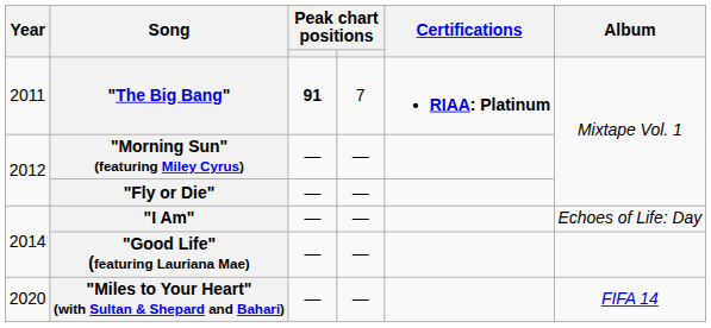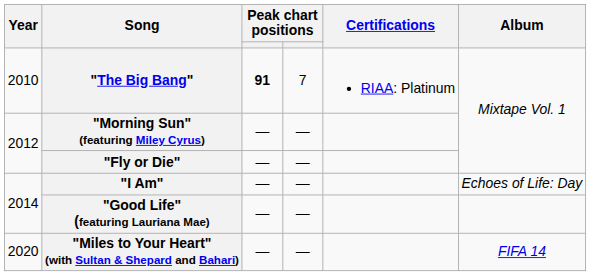 <table class="wikitable plainrowheaders" style=text-align:center;>
 <tr>
 <th rowspan="2">Year</th>
 <th rowspan="2">Song</th>
 <th colspan="2">Peak chart <br>positions</th>
 <th rowspan="2"><a href='#'>Certifications</a></th>
 <th rowspan="2">Album</th>
 </tr>
 <tr style="font-size:smaller;">
 <th style="width:3em;"></th>
 <th style="width:3em;"></th>
 </tr>
 <tr>
-<td>2011</td>
+<td>2010</td>
 <th scope="row">"<a href='#'>The Big Bang</a>"</th>
 <td><strong>91</strong></td>
 <td>7</td>
-<td><strong><br><ul><li><a href='#'>RIAA</a>: Platinum</li></ul></strong></td>
+<td><br><ul><li><a href='#'>RIAA</a>: Platinum</li></ul></td>
 <td rowspan="3"><em>Mixtape Vol. 1</em></td>
 </tr>
 <tr>
 <td rowspan="2">2012</td>
 <th scope="row">"Morning Sun"<br><small>(featuring <a href='#'>Miley Cyrus</a>)</small></th>
 <td>—</td>
 <td>—</td>
 <td></td>
 </tr>
 <tr>
 <th scope="row">"Fly or Die"</th>
 <td>—</td>
 <td>—</td>
 <td></td>
 </tr>
 <tr>
 <td rowspan="2">2014</td>
 <th scope="row">"I Am" </th>
 <td>—</td>
 <td>—</td>
 <td></td>
 <td><em>Echoes of Life: Day</em></td>
 </tr>
 <tr>
 <th scope="row">"Good Life" <br> (<small>featuring Lauriana Mae)</small></th>
 <td>—</td>
 <td>—</td>
 <td></td>
 <td></td>
 </tr>
 <tr>
 <td>2020</td>
 <th scope="row">"Miles to Your Heart" <br><small>(with <a href='#'>Sultan & Shepard</a> and <a href='#'>Bahari</a>)</small></th>
 <td>—</td>
 <td>—</td>
 <td></td>
 <td><em><a href='#'>FIFA 14</a></em></td>
 </tr>
 </table>
